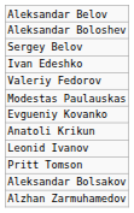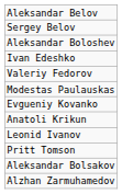 <table class="wikitable">
 <tr>
 <td>Aleksandar Belov</td>
 </tr>
 <tr>
-<td>Aleksandar Boloshev</td>
+<td>Sergey Belov</td>
 </tr>
 <tr>
-<td>Sergey Belov</td>
+<td>Aleksandar Boloshev</td>
 </tr>
 <tr>
 <td>Ivan Edeshko</td>
 </tr>
 <tr>
 <td>Valeriy Fedorov</td>
 </tr>
 <tr>
 <td>Modestas Paulauskas</td>
 </tr>
 <tr>
 <td>Evgueniy Kovanko</td>
 </tr>
 <tr>
 <td>Anatoli Krikun</td>
 </tr>
 <tr>
 <td>Leonid Ivanov</td>
 </tr>
 <tr>
 <td>Pritt Tomson</td>
 </tr>
 <tr>
 <td>Aleksandar Bolsakov</td>
 </tr>
 <tr>
 <td>Alzhan Zarmuhamedov</td>
 </tr>
 </table>
